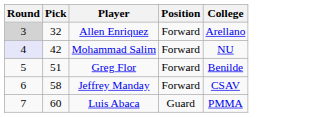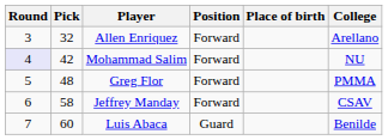 <table class="wikitable sortable sortable" style="text-align: center">
 <tr>
 <th>Round</th>
 <th>Pick</th>
 <th>Player</th>
 <th>Position</th>
+<th>Place of birth</th>
 <th>College</th>
 </tr>
 <tr>
-<td style="background: lightgrey;">3</td>
+<td>3</td>
 <td>32</td>
 <td><a href='#'>Allen Enriquez</a></td>
 <td>Forward</td>
+<td></td>
 <td><a href='#'>Arellano</a></td>
 </tr>
 <tr>
 <td style="background: lavender;">4</td>
 <td>42</td>
 <td><a href='#'>Mohammad Salim</a></td>
 <td>Forward</td>
+<td></td>
 <td><a href='#'>NU</a></td>
 </tr>
 <tr>
 <td>5</td>
-<td>51</td>
+<td>48</td>
 <td><a href='#'>Greg Flor</a></td>
 <td>Forward</td>
-<td><a href='#'>Benilde</a></td>
+<td></td>
+<td><a href='#'>PMMA</a></td>
 </tr>
 <tr>
 <td>6</td>
 <td>58</td>
 <td><a href='#'>Jeffrey Manday</a></td>
 <td>Forward</td>
+<td></td>
 <td><a href='#'>CSAV</a></td>
 </tr>
 <tr>
 <td>7</td>
 <td>60</td>
 <td><a href='#'>Luis Abaca</a></td>
 <td>Guard</td>
-<td><a href='#'>PMMA</a></td>
+<td></td>
+<td><a href='#'>Benilde</a></td>
 </tr>
 </table>
